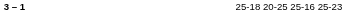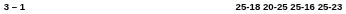 <table width=100% cellspacing=1>
 <tr>
 <th width=20%></th>
 <th width=12%></th>
 <th width=20%></th>
 <th width=33%></th>
 <td></td>
 </tr>
 <tr style=font-size:90%>
 <td align=right><strong></strong></td>
 <td align=center><strong>3 – 1</strong></td>
 <td></td>
-<td>25-18 20-25 25-16 25-23</td>
+<td><strong>25-18 20-25 25-16 25-23</strong></td>
 </tr>
 </table>
